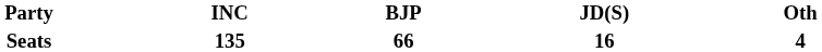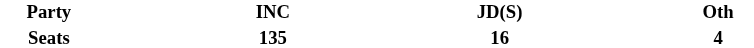 <table style="width:60%; text-align:center;">
 <tr>
 <th><strong>Party</strong></th>
 <td><strong>INC</strong></td>
-<td><strong>BJP</strong></td>
 <td><strong>JD(S)</strong></td>
 <td><strong>Oth</strong></td>
 </tr>
 <tr>
 <th><strong>Seats</strong></th>
 <td><strong>135</strong></td>
-<td><strong>66</strong></td>
 <td><strong>16</strong></td>
 <td><strong>4</strong></td>
 </tr>
 </table>
